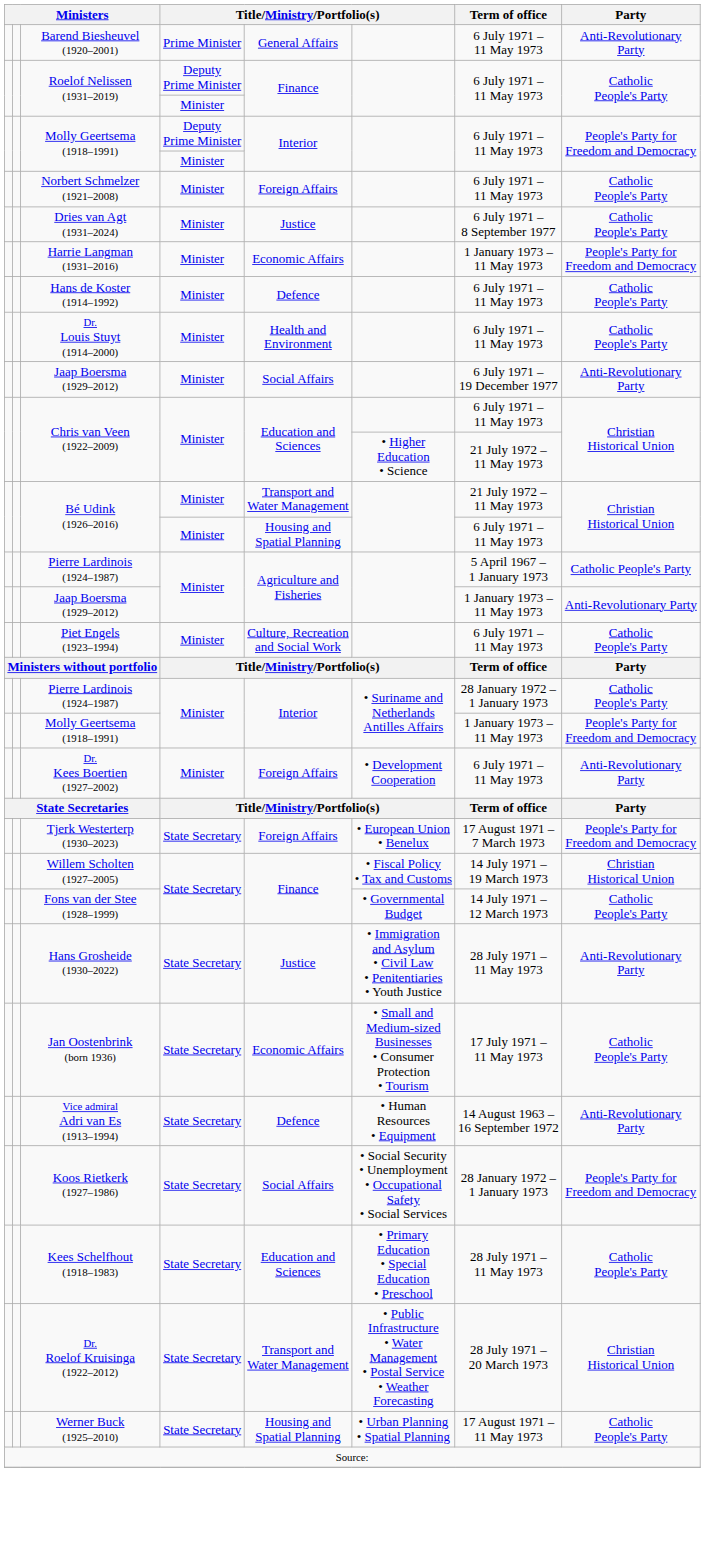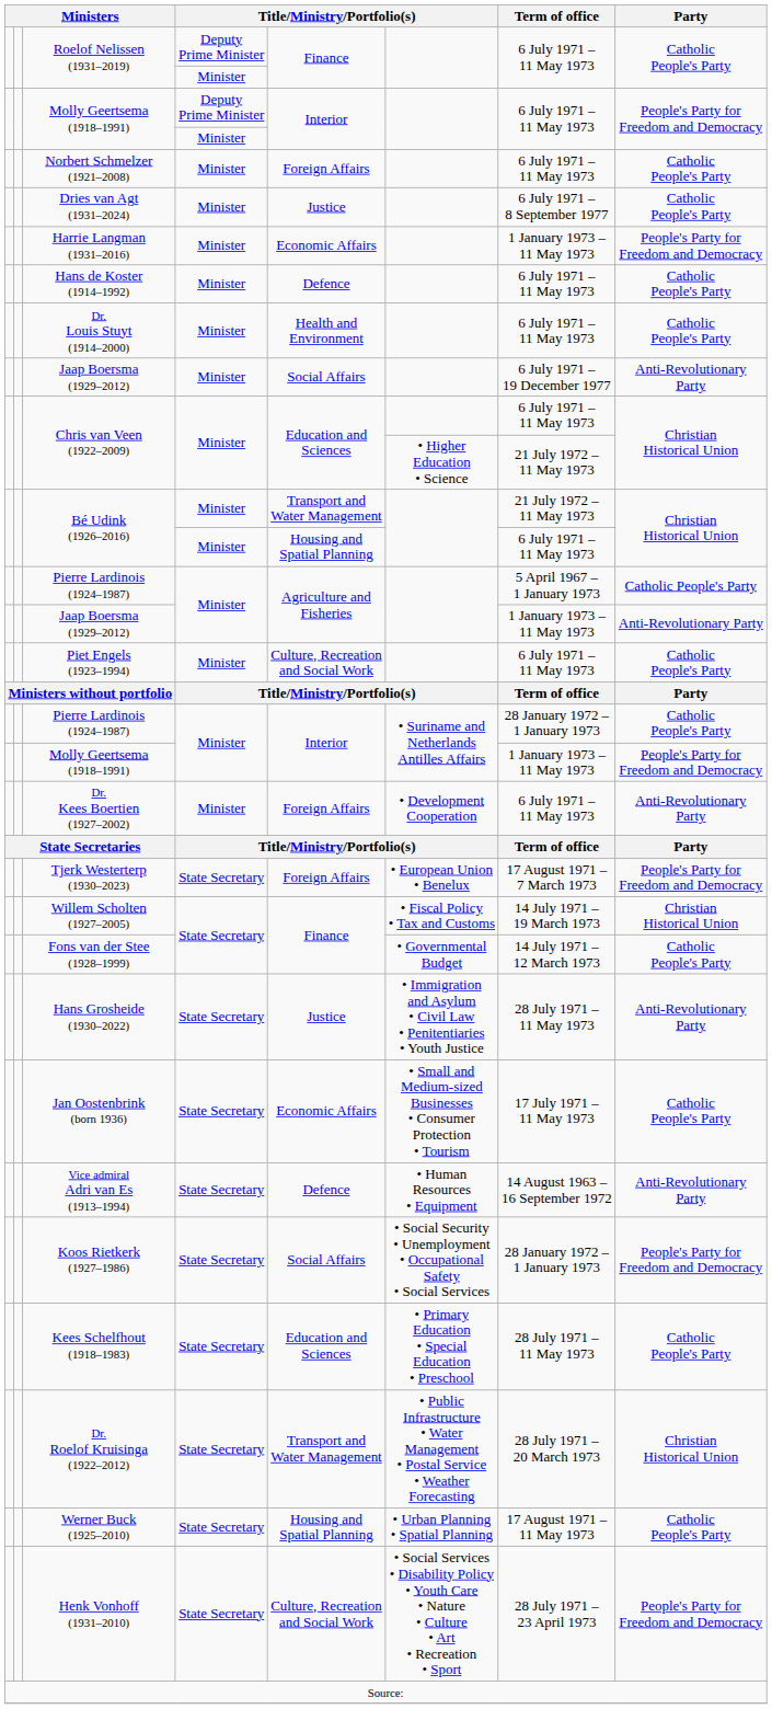 <table class="wikitable" style="text-align:center">
 <tr>
 <th colspan=3><a href='#'>Ministers</a></th>
 <th colspan=3>Title/<a href='#'>Ministry</a>/Portfolio(s)</th>
 <th>Term of office</th>
 <th>Party</th>
-</tr>
-<tr>
-<td style="background:"></td>
-<td></td>
-<td><a href='#'>Barend Biesheuvel</a> <br> <small>(1920–2001)</small></td>
-<td><a href='#'>Prime Minister</a></td>
-<td><a href='#'>General Affairs</a></td>
-<td></td>
-<td>6 July 1971 – <br> 11 May 1973 <br> </td>
-<td><a href='#'>Anti-Revolutionary <br> Party</a></td>
 </tr>
 <tr>
 <td rowspan=2 style="background:"></td>
 <td rowspan=2></td>
 <td rowspan=2><a href='#'>Roelof Nelissen</a> <br> <small>(1931–2019)</small></td>
 <td><a href='#'>Deputy <br> Prime Minister</a></td>
 <td rowspan=2><a href='#'>Finance</a></td>
 <td rowspan=2></td>
 <td rowspan=2>6 July 1971 – <br> 11 May 1973 <br> </td>
 <td rowspan=2><a href='#'>Catholic <br> People's Party</a></td>
 </tr>
 <tr>
 <td><a href='#'>Minister</a></td>
 </tr>
 <tr>
 <td rowspan=2 style="background:"></td>
 <td rowspan=2></td>
 <td rowspan=2><a href='#'>Molly Geertsema</a> <br> <small>(1918–1991)</small></td>
 <td><a href='#'>Deputy <br> Prime Minister</a></td>
 <td rowspan=2><a href='#'>Interior</a></td>
 <td rowspan=2></td>
 <td rowspan=2>6 July 1971 – <br> 11 May 1973 <br> </td>
 <td rowspan=2><a href='#'>People's Party for <br> Freedom and Democracy</a></td>
 </tr>
 <tr>
 <td><a href='#'>Minister</a></td>
 </tr>
 <tr>
 <td style="background:"></td>
 <td></td>
 <td><a href='#'>Norbert Schmelzer</a> <br> <small>(1921–2008)</small></td>
 <td><a href='#'>Minister</a></td>
 <td><a href='#'>Foreign Affairs</a></td>
 <td></td>
 <td>6 July 1971 – <br> 11 May 1973 <br> </td>
 <td><a href='#'>Catholic <br> People's Party</a></td>
 </tr>
 <tr>
 <td style="background:"></td>
 <td></td>
 <td><a href='#'>Dries van Agt</a> <br> <small>(1931–2024)</small></td>
 <td><a href='#'>Minister</a></td>
 <td><a href='#'>Justice</a></td>
 <td></td>
 <td>6 July 1971 – <br> 8 September 1977 <br>  </td>
 <td><a href='#'>Catholic <br> People's Party</a></td>
 </tr>
 <tr>
 <td style="background:"></td>
 <td></td>
 <td><a href='#'>Harrie Langman</a> <br> <small>(1931–2016)</small></td>
 <td><a href='#'>Minister</a></td>
 <td><a href='#'>Economic Affairs</a></td>
 <td></td>
 <td>1 January 1973 – <br> 11 May 1973</td>
 <td><a href='#'>People's Party for <br> Freedom and Democracy</a></td>
 </tr>
 <tr>
 <td style="background:"></td>
 <td></td>
 <td><a href='#'>Hans de Koster</a> <br> <small>(1914–1992)</small></td>
 <td><a href='#'>Minister</a></td>
 <td><a href='#'>Defence</a></td>
 <td></td>
 <td>6 July 1971 – <br> 11 May 1973 <br> </td>
 <td><a href='#'>Catholic <br> People's Party</a></td>
 </tr>
 <tr>
 <td style="background:"></td>
 <td></td>
 <td><small><a href='#'>Dr.</a></small> <br> <a href='#'>Louis Stuyt</a> <br> <small>(1914–2000)</small></td>
 <td><a href='#'>Minister</a></td>
 <td><a href='#'>Health and <br> Environment</a></td>
 <td></td>
 <td>6 July 1971 – <br> 11 May 1973 <br> </td>
 <td><a href='#'>Catholic <br> People's Party</a></td>
 </tr>
 <tr>
 <td style="background:"></td>
 <td></td>
 <td><a href='#'>Jaap Boersma</a> <br> <small>(1929–2012)</small></td>
 <td><a href='#'>Minister</a></td>
 <td><a href='#'>Social Affairs</a></td>
 <td></td>
 <td>6 July 1971 – <br> 19 December 1977 <br>  </td>
 <td><a href='#'>Anti-Revolutionary <br> Party</a></td>
 </tr>
 <tr>
 <td rowspan=2 style="background:"></td>
 <td rowspan=2></td>
 <td rowspan=2><a href='#'>Chris van Veen</a> <br> <small>(1922–2009)</small></td>
 <td rowspan=2><a href='#'>Minister</a></td>
 <td rowspan=2><a href='#'>Education and <br> Sciences</a></td>
 <td></td>
 <td>6 July 1971 – <br> 11 May 1973 <br> </td>
 <td rowspan=2><a href='#'>Christian <br> Historical Union</a></td>
 </tr>
 <tr>
 <td>• <a href='#'>Higher <br> Education</a> <br> • Science</td>
 <td>21 July 1972 – <br> 11 May 1973 <br> </td>
 </tr>
 <tr>
 <td rowspan=2 style="background:"></td>
 <td rowspan=2></td>
 <td rowspan=2><a href='#'>Bé Udink</a> <br> <small>(1926–2016)</small></td>
 <td><a href='#'>Minister</a></td>
 <td><a href='#'>Transport and <br> Water Management</a></td>
 <td rowspan=2></td>
 <td>21 July 1972 – <br> 11 May 1973 <br> </td>
 <td rowspan=2><a href='#'>Christian <br> Historical Union</a></td>
 </tr>
 <tr>
 <td><a href='#'>Minister</a></td>
 <td><a href='#'>Housing and <br> Spatial Planning</a></td>
 <td>6 July 1971 – <br> 11 May 1973 <br> </td>
 </tr>
 <tr>
 <td style="background:"></td>
 <td></td>
 <td><a href='#'>Pierre Lardinois</a> <br> <small>(1924–1987)</small></td>
 <td rowspan=2><a href='#'>Minister</a></td>
 <td rowspan=2><a href='#'>Agriculture and <br> Fisheries</a></td>
 <td rowspan=2></td>
 <td>5 April 1967 – <br> 1 January 1973 <br>  </td>
 <td><a href='#'>Catholic People's Party</a></td>
 </tr>
 <tr>
 <td style="background:"></td>
 <td></td>
 <td><a href='#'>Jaap Boersma</a> <br> <small>(1929–2012)</small></td>
 <td>1 January 1973 – <br> 11 May 1973 <br> </td>
 <td><a href='#'>Anti-Revolutionary Party</a></td>
 </tr>
 <tr>
 <td style="background:"></td>
 <td></td>
 <td><a href='#'>Piet Engels</a> <br> <small>(1923–1994)</small></td>
 <td><a href='#'>Minister</a></td>
 <td><a href='#'>Culture, Recreation <br> and Social Work</a></td>
 <td></td>
 <td>6 July 1971 – <br> 11 May 1973 <br> </td>
 <td><a href='#'>Catholic <br> People's Party</a></td>
 </tr>
 <tr>
 <th colspan=3><a href='#'>Ministers without portfolio</a></th>
 <th colspan=3>Title/<a href='#'>Ministry</a>/Portfolio(s)</th>
 <th>Term of office</th>
 <th>Party</th>
 </tr>
 <tr>
 <td style="background:"></td>
 <td></td>
 <td><a href='#'>Pierre Lardinois</a> <br> <small>(1924–1987)</small></td>
 <td rowspan=2><a href='#'>Minister</a></td>
 <td rowspan=2><a href='#'>Interior</a></td>
 <td rowspan=2>• <a href='#'>Suriname and <br> Netherlands <br> Antilles Affairs</a></td>
 <td>28 January 1972 – <br> 1 January 1973 <br>  </td>
 <td><a href='#'>Catholic <br> People's Party</a></td>
 </tr>
 <tr>
 <td style="background:"></td>
 <td></td>
 <td><a href='#'>Molly Geertsema</a> <br> <small>(1918–1991)</small></td>
 <td>1 January 1973 – <br> 11 May 1973</td>
 <td><a href='#'>People's Party for <br> Freedom and Democracy</a></td>
 </tr>
 <tr>
 <td style="background:"></td>
 <td></td>
 <td><small><a href='#'>Dr.</a></small> <br> <a href='#'>Kees Boertien</a> <br> <small>(1927–2002)</small></td>
 <td><a href='#'>Minister</a></td>
 <td><a href='#'>Foreign Affairs</a></td>
 <td>• <a href='#'>Development <br> Cooperation</a></td>
 <td>6 July 1971 – <br> 11 May 1973 <br> </td>
 <td><a href='#'>Anti-Revolutionary <br> Party</a></td>
 </tr>
 <tr>
 <th colspan=3><a href='#'>State Secretaries</a></th>
 <th colspan=3>Title/<a href='#'>Ministry</a>/Portfolio(s)</th>
 <th>Term of office</th>
 <th>Party</th>
 </tr>
 <tr>
 <td style="background:"></td>
 <td></td>
 <td><a href='#'>Tjerk Westerterp</a> <br> <small>(1930–2023)</small></td>
 <td><a href='#'>State Secretary</a></td>
 <td><a href='#'>Foreign Affairs</a></td>
 <td>• <a href='#'>European Union</a> <br> • <a href='#'>Benelux</a></td>
 <td>17 August 1971 – <br> 7 March 1973 <br>  </td>
 <td><a href='#'>People's Party for <br> Freedom and Democracy</a></td>
 </tr>
 <tr>
 <td style="background:"></td>
 <td></td>
 <td><a href='#'>Willem Scholten</a> <br> <small>(1927–2005)</small></td>
 <td rowspan=2><a href='#'>State Secretary</a></td>
 <td rowspan=2><a href='#'>Finance</a></td>
 <td>• <a href='#'>Fiscal Policy</a> <br> • <a href='#'>Tax and Customs</a></td>
 <td>14 July 1971 – <br> 19 March 1973 <br>  </td>
 <td><a href='#'>Christian <br> Historical Union</a></td>
 </tr>
 <tr>
 <td style="background:"></td>
 <td></td>
 <td><a href='#'>Fons van der Stee</a> <br> <small>(1928–1999)</small></td>
 <td>• <a href='#'>Governmental <br> Budget</a></td>
 <td>14 July 1971 – <br> 12 March 1973 <br>  </td>
 <td><a href='#'>Catholic <br> People's Party</a></td>
 </tr>
 <tr>
 <td style="background:"></td>
 <td></td>
 <td><a href='#'>Hans Grosheide</a> <br> <small>(1930–2022)</small></td>
 <td><a href='#'>State Secretary</a></td>
 <td><a href='#'>Justice</a></td>
 <td>• <a href='#'>Immigration <br> and Asylum</a> <br> • <a href='#'>Civil Law</a> <br> • <a href='#'>Penitentiaries</a> <br> • Youth Justice</td>
 <td>28 July 1971 – <br> 11 May 1973 <br> </td>
 <td><a href='#'>Anti-Revolutionary <br> Party</a></td>
 </tr>
 <tr>
 <td style="background:"></td>
 <td></td>
 <td><a href='#'>Jan Oostenbrink</a> <br> <small>(born 1936)</small></td>
 <td><a href='#'>State Secretary</a></td>
 <td><a href='#'>Economic Affairs</a></td>
 <td>• <a href='#'>Small and <br> Medium-sized <br> Businesses</a> <br> • Consumer <br> Protection <br> • <a href='#'>Tourism</a></td>
 <td>17 July 1971 – <br> 11 May 1973 <br> </td>
 <td><a href='#'>Catholic <br> People's Party</a></td>
 </tr>
 <tr>
 <td style="background:"></td>
 <td></td>
 <td><small><a href='#'>Vice admiral</a></small> <br> <a href='#'>Adri van Es</a> <br> <small>(1913–1994)</small></td>
 <td><a href='#'>State Secretary</a></td>
 <td><a href='#'>Defence</a></td>
 <td>• Human <br> Resources <br> • <a href='#'>Equipment</a></td>
 <td>14 August 1963 – <br> 16 September 1972 <br>  </td>
 <td><a href='#'>Anti-Revolutionary <br> Party</a></td>
 </tr>
 <tr>
 <td style="background:"></td>
 <td></td>
 <td><a href='#'>Koos Rietkerk</a> <br> <small>(1927–1986)</small></td>
 <td><a href='#'>State Secretary</a></td>
 <td><a href='#'>Social Affairs</a></td>
 <td>• Social Security <br> • Unemployment <br> • <a href='#'>Occupational <br> Safety</a> <br> • Social Services</td>
 <td>28 January 1972 – <br> 1 January 1973 <br>  </td>
 <td><a href='#'>People's Party for <br> Freedom and Democracy</a></td>
 </tr>
 <tr>
 <td style="background:"></td>
 <td></td>
 <td><a href='#'>Kees Schelfhout</a> <br> <small>(1918–1983)</small></td>
 <td><a href='#'>State Secretary</a></td>
 <td><a href='#'>Education and <br> Sciences</a></td>
 <td>• <a href='#'>Primary <br> Education</a> <br> • <a href='#'>Special <br> Education</a> <br> • <a href='#'>Preschool</a></td>
 <td>28 July 1971 – <br> 11 May 1973 <br> </td>
 <td><a href='#'>Catholic <br> People's Party</a></td>
 </tr>
 <tr>
 <td style="background:"></td>
 <td></td>
 <td><small><a href='#'>Dr.</a></small> <br> <a href='#'>Roelof Kruisinga</a> <br> <small>(1922–2012)</small></td>
 <td><a href='#'>State Secretary</a></td>
 <td><a href='#'>Transport and <br> Water Management</a></td>
 <td>• <a href='#'>Public <br> Infrastructure</a> <br> • <a href='#'>Water <br> Management</a> <br> • <a href='#'>Postal Service</a> <br> • <a href='#'>Weather <br> Forecasting</a></td>
 <td>28 July 1971 – <br> 20 March 1973 <br>  </td>
 <td><a href='#'>Christian <br> Historical Union</a></td>
 </tr>
 <tr>
 <td style="background:"></td>
 <td></td>
 <td><a href='#'>Werner Buck</a> <br> <small>(1925–2010)</small></td>
 <td><a href='#'>State Secretary</a></td>
 <td><a href='#'>Housing and <br> Spatial Planning</a></td>
 <td>• <a href='#'>Urban Planning</a> <br> • <a href='#'>Spatial Planning</a></td>
 <td>17 August 1971 – <br> 11 May 1973 <br> </td>
 <td><a href='#'>Catholic <br> People's Party</a></td>
 </tr>
 <tr>
+<td style="background:"></td>
+<td></td>
+<td><a href='#'>Henk Vonhoff</a> <br> <small>(1931–2010)</small></td>
+<td><a href='#'>State Secretary</a></td>
+<td><a href='#'>Culture, Recreation <br> and Social Work</a></td>
+<td>• Social Services <br> • <a href='#'>Disability Policy</a> <br> • <a href='#'>Youth Care</a> <br> • Nature <br> • <a href='#'>Culture</a> <br> • <a href='#'>Art</a> <br> • Recreation <br> • <a href='#'>Sport</a></td>
+<td>28 July 1971 – <br> 23 April 1973 <br>  </td>
+<td><a href='#'>People's Party for <br> Freedom and Democracy</a></td>
+</tr>
+<tr>
 <td colspan=8><small>Source:  </small></td>
 </tr>
 <tr>
 </tr>
 </table>
